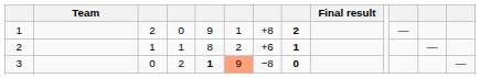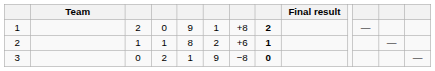 <table class="wikitable" style="text-align:center" width="700">
 <tr>
 <th width="5.5%"></th>
 <th width="20%">Team</th>
 <th width="5.5%"></th>
 <th width="5.5%"></th>
 <th width="5.5%"></th>
 <th width="5.5%"></th>
 <th width="5.5%"></th>
 <th width="5.5%"></th>
 <th width="14%">Final result</th>
 <td rowspan="4" width="1%"></td>
 <th width="5.5%"></th>
 <th width="5.5%"></th>
 <th width="5.5%"></th>
 </tr>
 <tr>
 <td>1</td>
 <td style="text-align:left"></td>
 <td>2</td>
 <td>0</td>
 <td>9</td>
 <td>1</td>
 <td>+8</td>
 <td><strong>2</strong></td>
 <td></td>
 <td>—</td>
 <td></td>
 <td></td>
 </tr>
 <tr>
 <td>2</td>
 <td style="text-align:left"></td>
 <td>1</td>
 <td>1</td>
 <td>8</td>
 <td>2</td>
 <td>+6</td>
 <td><strong>1</strong></td>
 <td></td>
 <td></td>
 <td>—</td>
 <td></td>
 </tr>
 <tr>
 <td>3</td>
 <td style="text-align:left"></td>
 <td>0</td>
 <td>2</td>
-<td><strong>1</strong></td>
-<td style="background: lightsalmon;">9</td>
+<td>1</td>
+<td>9</td>
 <td>−8</td>
 <td><strong>0</strong></td>
 <td></td>
 <td></td>
 <td></td>
 <td>—</td>
 </tr>
 </table>
